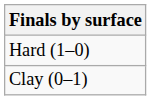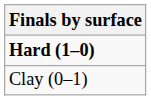 <table class=wikitable style=font-size:90%>
 <tr>
 <th>Finals by surface</th>
 </tr>
 <tr>
-<td>Hard (1–0)</td>
+<td><strong>Hard (1–0)</strong></td>
 </tr>
 <tr>
 <td>Clay (0–1)</td>
 </tr>
 </table>
